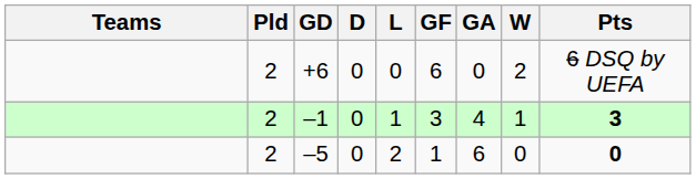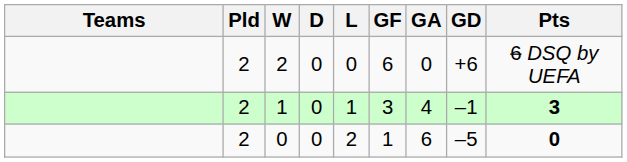 <table class="wikitable" style="text-align: center;">
 <tr>
 <th width=165>Teams</th>
 <th width=20>Pld</th>
-<th width=20>GD</th>
+<th width=20>W</th>
 <th width=20>D</th>
 <th width=20>L</th>
 <th width=20>GF</th>
 <th width=20>GA</th>
-<th width=20>W</th>
+<th width=20>GD</th>
 <th width=100>Pts</th>
 </tr>
 <tr align=center>
 <td style="text-align:left;"></td>
 <td>2</td>
-<td>+6</td>
+<td>2</td>
 <td>0</td>
 <td>0</td>
 <td>6</td>
 <td>0</td>
-<td>2</td>
+<td>+6</td>
 <td><s>6</s> <em>DSQ by UEFA</em></td>
 </tr>
 <tr align=center style="background:#ccffcc;">
 <td style="text-align:left;"></td>
 <td>2</td>
-<td>–1</td>
+<td>1</td>
 <td>0</td>
 <td>1</td>
 <td>3</td>
 <td>4</td>
-<td>1</td>
+<td>–1</td>
 <td><strong>3</strong></td>
 </tr>
 <tr align=center>
 <td style="text-align:left;"></td>
 <td>2</td>
-<td>–5</td>
+<td>0</td>
 <td>0</td>
 <td>2</td>
 <td>1</td>
 <td>6</td>
-<td>0</td>
+<td>–5</td>
 <td><strong>0</strong></td>
 </tr>
 </table>
